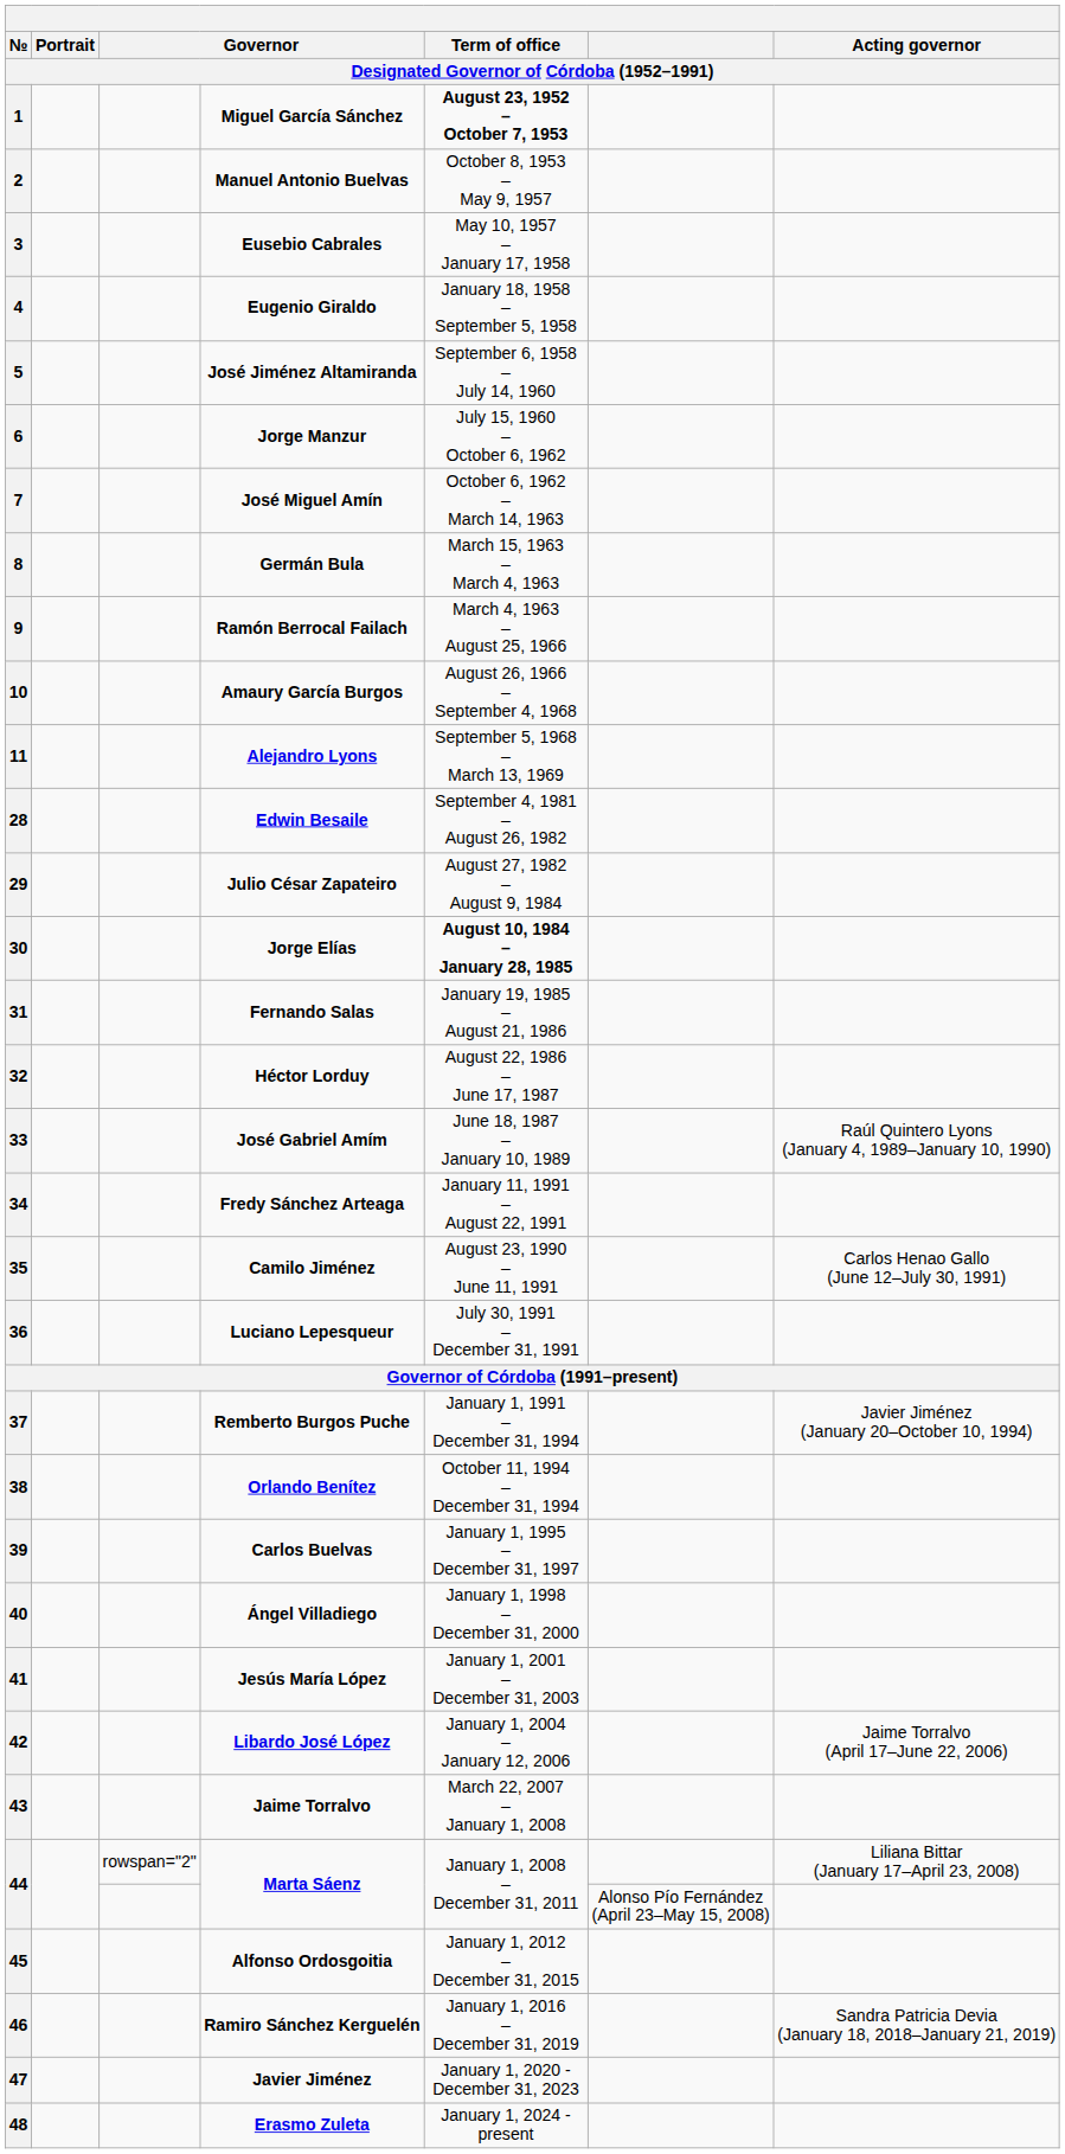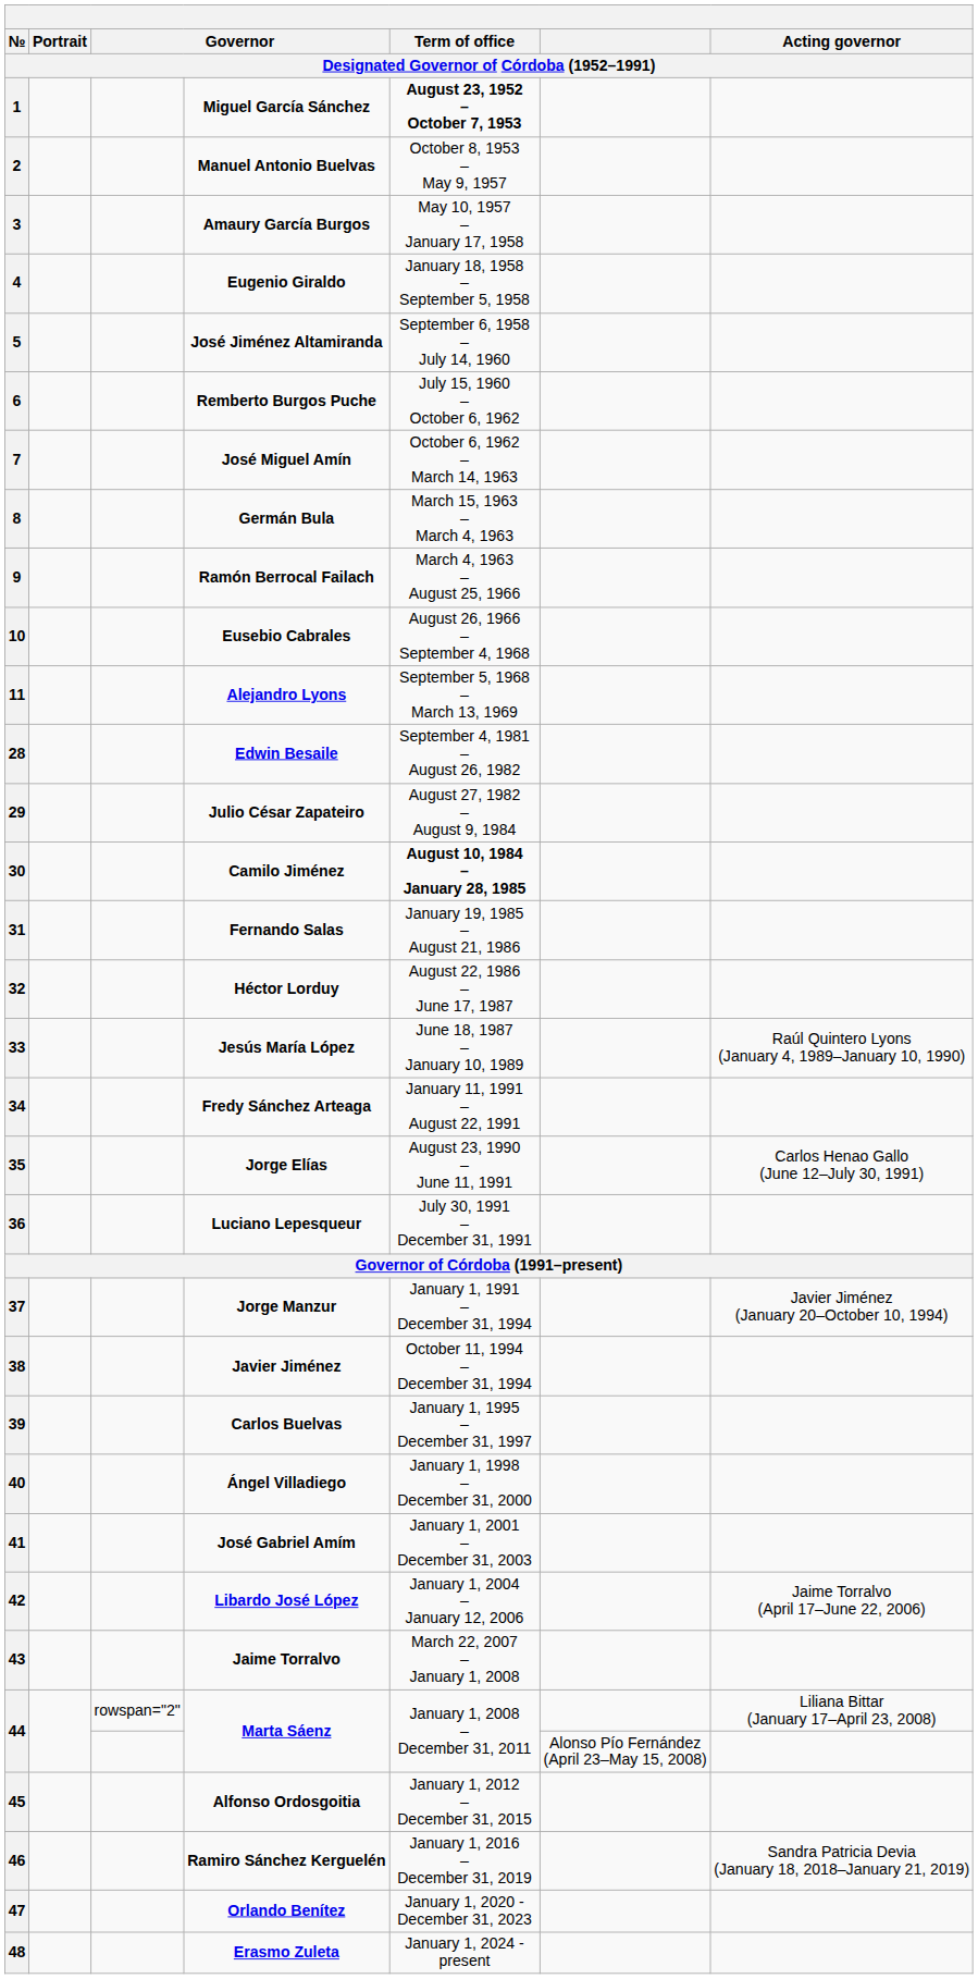 <table class="wikitable" style="text-align: center;">
 <tr>
 <th colspan="11"><br>   </th>
 </tr>
 <tr>
 <th>№</th>
 <th>Portrait</th>
 <th colspan="2" style="width:250px;">Governor</th>
 <th style="width:150px;">Term of office</th>
 <th></th>
 <th colspan="2" style="width:250px;">Acting governor</th>
 </tr>
 <tr>
 <th colspan="7"><a href='#'>Designated Governor of</a> <a href='#'>Córdoba</a> (1952–1991)</th>
 </tr>
 <tr>
 <th>1</th>
 <td></td>
 <td></td>
 <td><strong>Miguel García Sánchez</strong></td>
 <td><strong>August 23, 1952<br>–<br>October 7, 1953</strong></td>
 <td></td>
 <td></td>
 </tr>
 <tr>
 <th>2</th>
 <td></td>
 <td></td>
 <td><strong>Manuel Antonio Buelvas</strong></td>
 <td>October 8, 1953<br>–<br>May 9, 1957</td>
 <td></td>
 <td></td>
 </tr>
 <tr>
 <th>3</th>
 <td></td>
 <td></td>
-<td><strong>Eusebio Cabrales</strong></td>
+<td><strong>Amaury García Burgos</strong></td>
 <td>May 10, 1957<br>–<br>January 17, 1958</td>
 <td></td>
 <td></td>
 </tr>
 <tr>
 <th>4</th>
 <td></td>
 <td></td>
 <td><strong>Eugenio Giraldo</strong></td>
 <td>January 18, 1958<br>–<br>September 5, 1958</td>
 <td></td>
 <td></td>
 </tr>
 <tr>
 <th>5</th>
 <td></td>
 <td></td>
 <td><strong>José Jiménez Altamiranda</strong></td>
 <td>September 6, 1958<br>–<br>July 14, 1960</td>
 <td></td>
 <td></td>
 </tr>
 <tr>
 <th>6</th>
 <td></td>
 <td></td>
-<td><strong>Jorge Manzur</strong></td>
+<td><strong>Remberto Burgos Puche</strong></td>
 <td>July 15, 1960<br>–<br>October 6, 1962</td>
 <td></td>
 <td></td>
 </tr>
 <tr>
 <th>7</th>
 <td></td>
 <td></td>
 <td><strong>José Miguel Amín</strong></td>
 <td>October 6, 1962<br>–<br>March 14, 1963</td>
 <td></td>
 <td></td>
 </tr>
 <tr>
 <th>8</th>
 <td></td>
 <td></td>
 <td><strong>Germán Bula</strong></td>
 <td>March 15, 1963<br>–<br>March 4, 1963</td>
 <td></td>
 <td></td>
 </tr>
 <tr>
 <th>9</th>
 <td></td>
 <td></td>
 <td><strong>Ramón Berrocal Failach</strong></td>
 <td>March 4, 1963<br>–<br>August 25, 1966</td>
 <td></td>
 <td></td>
 </tr>
 <tr>
 <th>10</th>
 <td></td>
 <td></td>
-<td><strong>Amaury García Burgos</strong></td>
+<td><strong>Eusebio Cabrales</strong></td>
 <td>August 26, 1966<br>–<br>September 4, 1968</td>
 <td></td>
 <td></td>
 </tr>
 <tr>
 <th>11</th>
 <td></td>
 <td></td>
 <td><strong><a href='#'>Alejandro Lyons</a></strong></td>
 <td>September 5, 1968<br>–<br>March 13, 1969</td>
 <td></td>
 <td></td>
 </tr>
 <tr>
 <th>28</th>
 <td></td>
 <td></td>
 <td><strong><a href='#'>Edwin Besaile</a></strong></td>
 <td>September 4, 1981<br>–<br>August 26, 1982</td>
 <td></td>
 <td></td>
 </tr>
 <tr>
 <th>29</th>
 <td></td>
 <td></td>
 <td><strong>Julio César Zapateiro</strong></td>
 <td>August 27, 1982<br>–<br>August 9, 1984</td>
 <td></td>
 <td></td>
 </tr>
 <tr>
 <th>30</th>
 <td></td>
 <td></td>
-<td><strong>Jorge Elías</strong></td>
+<td><strong>Camilo Jiménez</strong></td>
 <td><strong>August 10, 1984<br>–<br>January 28, 1985</strong></td>
 <td></td>
 <td></td>
 </tr>
 <tr>
 <th>31</th>
 <td></td>
 <td></td>
 <td><strong>Fernando Salas</strong></td>
 <td>January 19, 1985<br>–<br>August 21, 1986</td>
 <td></td>
 <td></td>
 </tr>
 <tr>
 <th>32</th>
 <td></td>
 <td></td>
 <td><strong>Héctor Lorduy</strong></td>
 <td>August 22, 1986<br>–<br>June 17, 1987</td>
 <td></td>
 <td></td>
 </tr>
 <tr>
 <th>33</th>
 <td></td>
 <td></td>
-<td><strong>José Gabriel Amím</strong></td>
+<td><strong>Jesús María López</strong></td>
 <td>June 18, 1987<br>–<br>January 10, 1989</td>
 <td></td>
 <td>Raúl Quintero Lyons<br>(January 4, 1989–January 10, 1990)</td>
 </tr>
 <tr>
 <th>34</th>
 <td></td>
 <td></td>
 <td><strong>Fredy Sánchez Arteaga</strong></td>
 <td>January 11, 1991<br>–<br>August 22, 1991</td>
 <td></td>
 <td></td>
 </tr>
 <tr>
 <th>35</th>
 <td></td>
 <td></td>
-<td><strong>Camilo Jiménez</strong></td>
+<td><strong>Jorge Elías</strong></td>
 <td>August 23, 1990<br>–<br>June 11, 1991</td>
 <td></td>
 <td>Carlos Henao Gallo<br>(June 12–July 30, 1991)</td>
 </tr>
 <tr>
 <th>36</th>
 <td></td>
 <td></td>
 <td><strong>Luciano Lepesqueur</strong></td>
 <td>July 30, 1991<br>–<br>December 31, 1991</td>
 <td></td>
 <td></td>
 </tr>
 <tr>
 <th colspan="7"><a href='#'>Governor of Córdoba</a> (1991–present)</th>
 </tr>
 <tr>
 <th>37</th>
 <td></td>
 <td></td>
-<td><strong>Remberto Burgos Puche</strong></td>
+<td><strong>Jorge Manzur</strong></td>
 <td>January 1, 1991<br>–<br>December 31, 1994</td>
 <td></td>
 <td>Javier Jiménez<br>(January 20–October 10, 1994)</td>
 </tr>
 <tr>
 <th>38</th>
 <td></td>
 <td></td>
-<td><strong><a href='#'>Orlando Benítez</a></strong></td>
+<td><strong>Javier Jiménez</strong></td>
 <td>October 11, 1994<br>–<br>December 31, 1994</td>
 <td></td>
 <td></td>
 </tr>
 <tr>
 <th>39</th>
 <td></td>
 <td></td>
 <td><strong>Carlos Buelvas</strong></td>
 <td>January 1, 1995<br>–<br>December 31, 1997</td>
 <td></td>
 <td></td>
 </tr>
 <tr>
 <th>40</th>
 <td></td>
 <td></td>
 <td><strong>Ángel Villadiego</strong></td>
 <td>January 1, 1998<br>–<br>December 31, 2000</td>
 <td></td>
 <td></td>
 </tr>
 <tr>
 <th>41</th>
 <td></td>
 <td></td>
-<td><strong>Jesús María López</strong></td>
+<td><strong>José Gabriel Amím</strong></td>
 <td>January 1, 2001<br>–<br>December 31, 2003</td>
 <td></td>
 <td></td>
 </tr>
 <tr>
 <th>42</th>
 <td></td>
 <td></td>
 <td><strong><a href='#'>Libardo José López</a></strong></td>
 <td>January 1, 2004<br>–<br>January 12, 2006</td>
 <td></td>
 <td>Jaime Torralvo<br>(April 17–June 22, 2006)</td>
 </tr>
 <tr>
 <th>43</th>
 <td></td>
 <td></td>
 <td><strong>Jaime Torralvo</strong></td>
 <td>March 22, 2007<br>–<br>January 1, 2008</td>
 <td></td>
 <td></td>
 </tr>
 <tr>
 <th rowspan="2">44</th>
 <td rowspan="2"></td>
 <td>rowspan="2" </td>
 <td rowspan="2"><strong><a href='#'>Marta Sáenz</a></strong></td>
 <td rowspan="2">January 1, 2008<br>–<br>December 31, 2011</td>
 <td></td>
 <td>Liliana Bittar<br>(January 17–April 23, 2008)</td>
 </tr>
 <tr>
 <td></td>
 <td>Alonso Pío Fernández<br>(April 23–May 15, 2008)</td>
 </tr>
 <tr>
 <th>45</th>
 <td></td>
 <td></td>
 <td><strong>Alfonso Ordosgoitia</strong></td>
 <td>January 1, 2012<br>–<br>December 31, 2015</td>
 <td></td>
 <td></td>
 </tr>
 <tr>
 <th>46</th>
 <td></td>
 <td></td>
 <td><strong>Ramiro Sánchez Kerguelén</strong></td>
 <td>January 1, 2016<br>–<br>December 31, 2019</td>
 <td></td>
 <td>Sandra Patricia Devia<br>(January 18, 2018–January 21, 2019)</td>
 </tr>
 <tr>
 <th>47</th>
 <td></td>
 <td></td>
-<td><strong>Javier Jiménez</strong></td>
+<td><strong><a href='#'>Orlando Benítez</a></strong></td>
 <td>January 1, 2020 - December 31, 2023</td>
 <td></td>
 <td></td>
 </tr>
 <tr>
 <th>48</th>
 <td></td>
 <td></td>
 <td><strong><a href='#'>Erasmo Zuleta</a></strong></td>
 <td>January 1, 2024 - present</td>
 <td></td>
 <td></td>
 </tr>
 </table>
